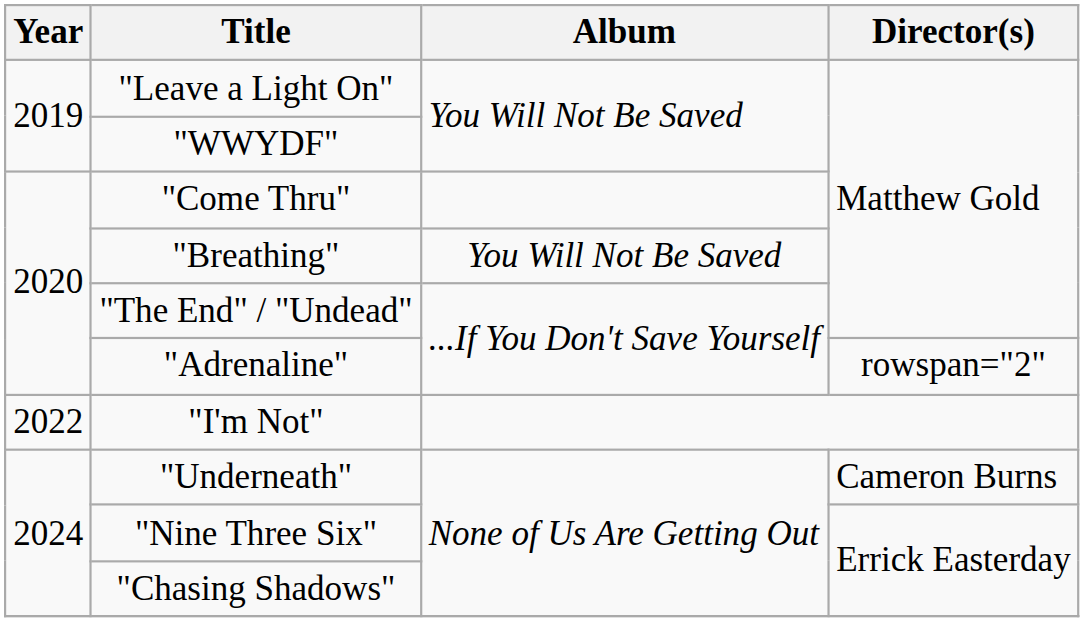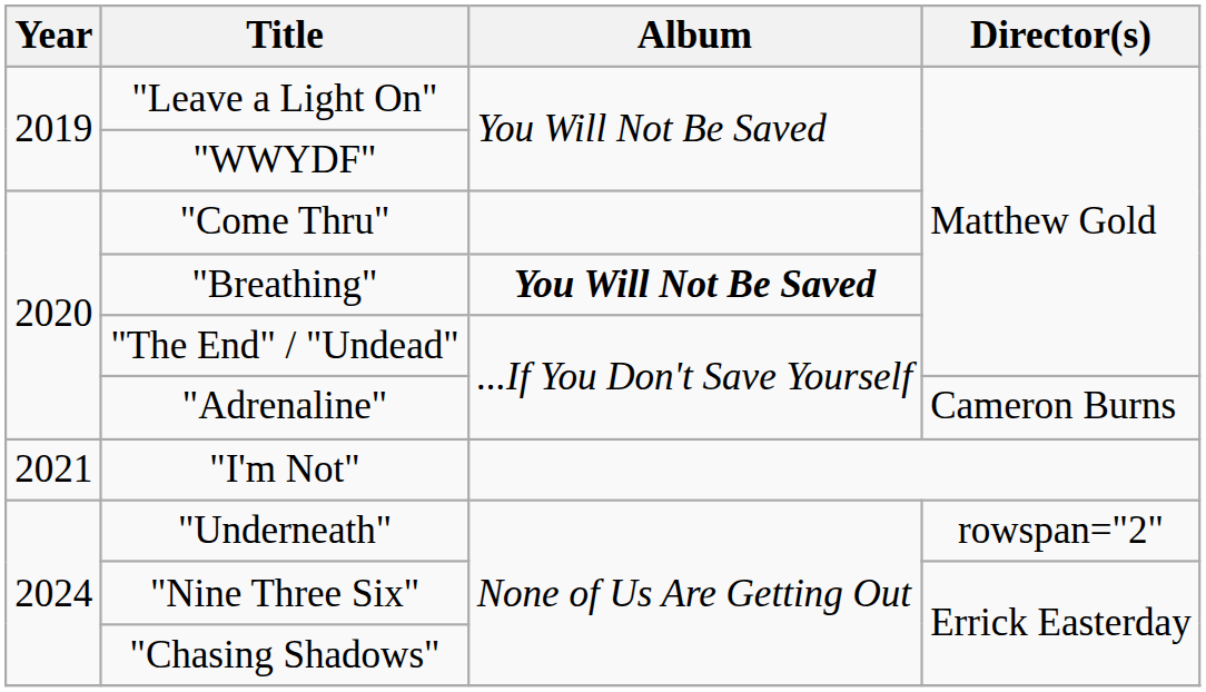 <table class="wikitable plainrowheaders" style="text-align:center;">
 <tr>
 <th scope="col">Year</th>
 <th scope="col">Title</th>
 <th scope="col">Album</th>
 <th scope="col">Director(s)</th>
 </tr>
 <tr>
 <td rowspan="2">2019</td>
 <td>"Leave a Light On"</td>
 <td rowspan="2" style="text-align:left;"><em>You Will Not Be Saved</em></td>
 <td rowspan="5" style="text-align:left;">Matthew Gold</td>
 </tr>
 <tr>
 <td>"WWYDF"</td>
 </tr>
 <tr>
 <td rowspan="4">2020</td>
 <td>"Come Thru"</td>
 </tr>
 <tr>
 <td>"Breathing"</td>
-<td><em>You Will Not Be Saved</em></td>
+<td><strong><em>You Will Not Be Saved</em></strong></td>
 </tr>
 <tr>
 <td>"The End" / "Undead"</td>
 <td rowspan="2" style="text-align:left;"><em>...If You Don't Save Yourself</em></td>
 </tr>
 <tr>
 <td>"Adrenaline"</td>
-<td>rowspan="2" </td>
+<td style="text-align:left;">Cameron Burns</td>
 </tr>
 <tr>
-<td>2022</td>
+<td>2021</td>
 <td>"I'm Not"</td>
 </tr>
 <tr>
 <td rowspan="3">2024</td>
 <td>"Underneath"</td>
 <td rowspan="3" style="text-align:left;"><em>None of Us Are Getting Out</em></td>
-<td style="text-align:left;">Cameron Burns</td>
+<td>rowspan="2" </td>
 </tr>
 <tr>
 <td>"Nine Three Six"</td>
 <td rowspan="2" style="text-align:left;">Errick Easterday</td>
 </tr>
 <tr>
 <td>"Chasing Shadows"</td>
 </tr>
 <tr>
 </tr>
 </table>
